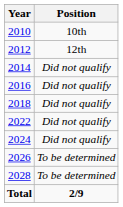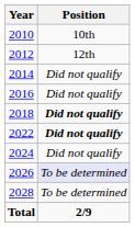 <table class="wikitable" style="text-align: center;">
 <tr>
 <th>Year</th>
 <th>Position</th>
 </tr>
 <tr>
 <td> <a href='#'>2010</a></td>
 <td>10th</td>
 </tr>
 <tr>
 <td> <a href='#'>2012</a></td>
 <td>12th</td>
 </tr>
 <tr>
 <td> <a href='#'>2014</a></td>
 <td><em>Did not qualify</em></td>
 </tr>
 <tr>
 <td> <a href='#'>2016</a></td>
 <td><em>Did not qualify</em></td>
 </tr>
 <tr>
 <td> <a href='#'>2018</a></td>
-<td><em>Did not qualify</em></td>
+<td><strong><em>Did not qualify</em></strong></td>
 </tr>
 <tr>
 <td> <a href='#'>2022</a></td>
-<td><em>Did not qualify</em></td>
+<td><strong><em>Did not qualify</em></strong></td>
 </tr>
 <tr>
 <td> <a href='#'>2024</a></td>
 <td><em>Did not qualify</em></td>
 </tr>
 <tr>
 <td> <a href='#'>2026</a></td>
-<td><em>To be determined</em></td>
+<td style="background: lavender;"><em>To be determined</em></td>
 </tr>
 <tr>
 <td> <a href='#'>2028</a></td>
 <td><em>To be determined</em></td>
 </tr>
 <tr>
 <td><strong>Total</strong></td>
 <td><strong>2/9</strong></td>
 </tr>
 </table>
